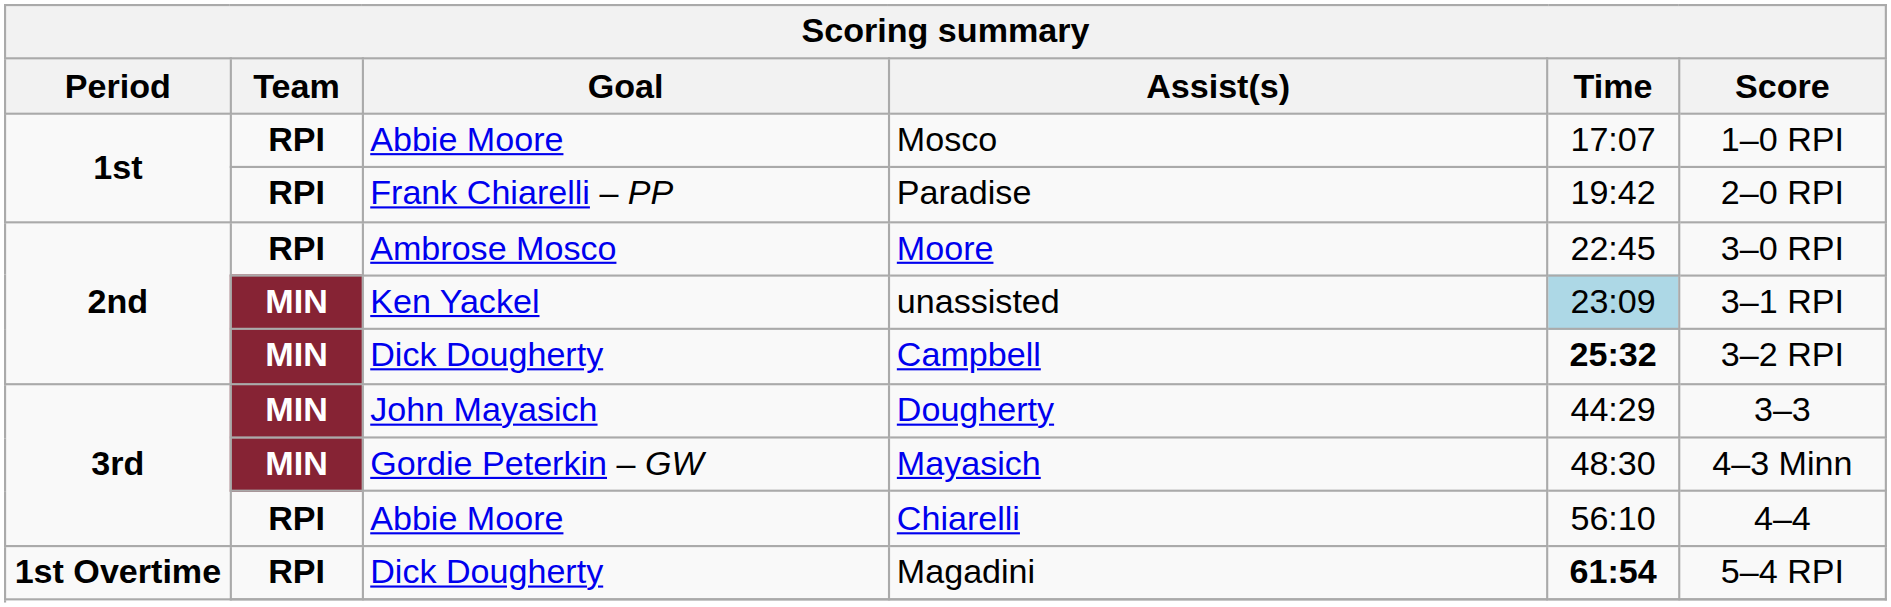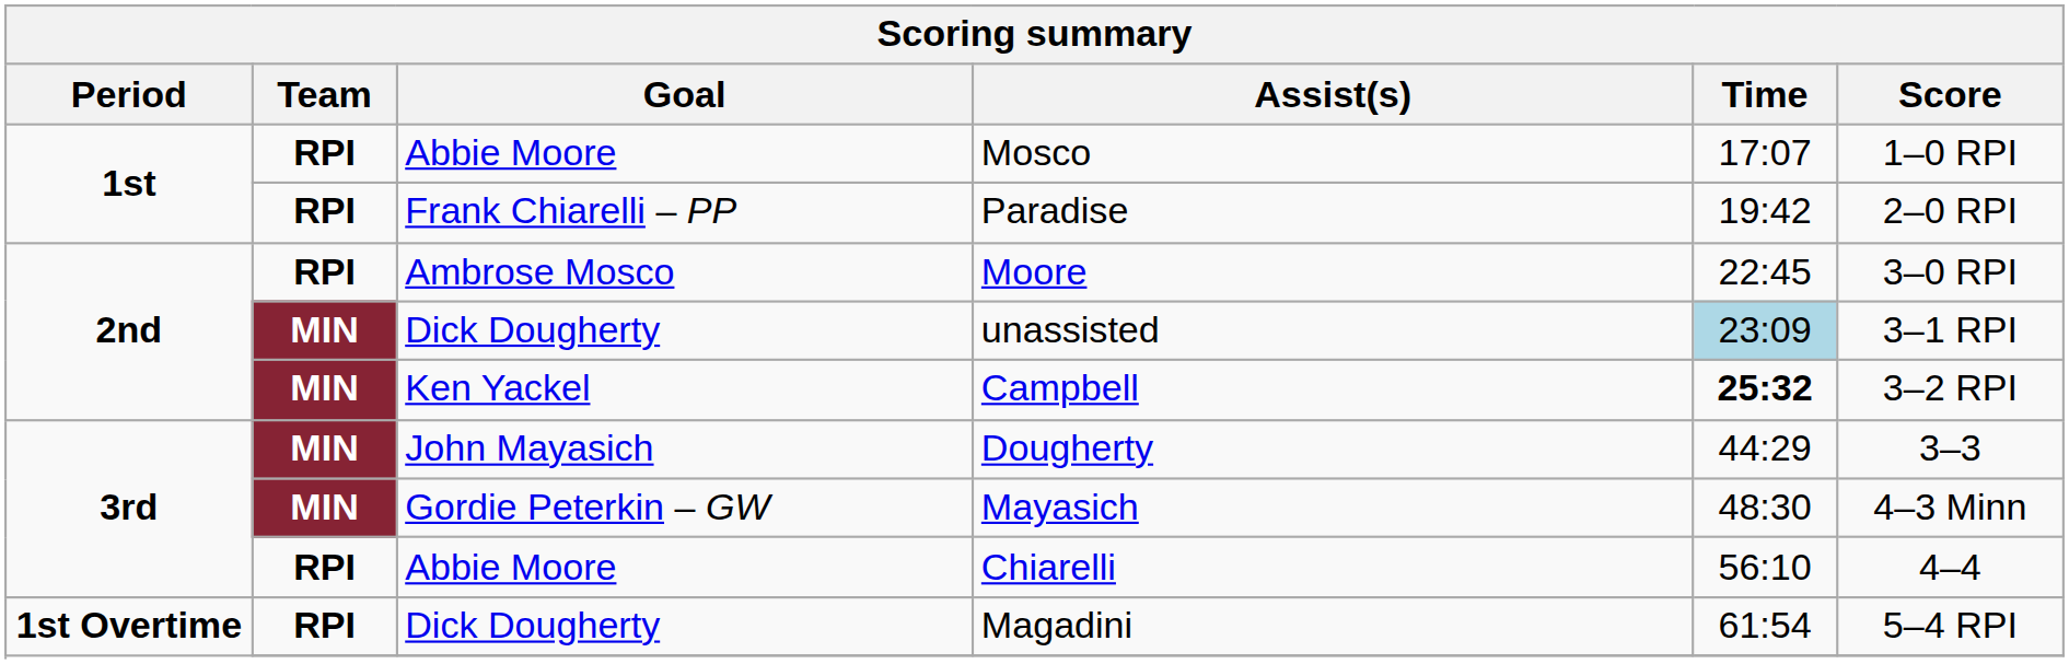 <table style="width:100%;" class="wikitable">
 <tr>
 <th colspan=6>Scoring summary</th>
 </tr>
 <tr>
 <th style="width:12%;">Period</th>
 <th style="width:7%;">Team</th>
 <th style="width:28%;">Goal</th>
 <th style="width:35%;">Assist(s)</th>
 <th style="width:7%;">Time</th>
 <th style="width:11%;">Score</th>
 </tr>
 <tr>
 <td style="text-align:center;" rowspan="2"><strong>1st</strong></td>
 <td align=center><strong>RPI</strong></td>
 <td><a href='#'>Abbie Moore</a></td>
 <td>Mosco</td>
 <td align=center>17:07</td>
 <td align=center>1–0 RPI</td>
 </tr>
 <tr>
 <td align=center><strong>RPI</strong></td>
 <td><a href='#'>Frank Chiarelli</a> – <em>PP</em></td>
 <td>Paradise</td>
 <td align=center>19:42</td>
 <td align=center>2–0 RPI</td>
 </tr>
 <tr>
 <td style="text-align:center;" rowspan="3"><strong>2nd</strong></td>
 <td align=center><strong>RPI</strong></td>
 <td><a href='#'>Ambrose Mosco</a></td>
 <td><a href='#'>Moore</a></td>
 <td align=center>22:45</td>
 <td align=center>3–0 RPI</td>
 </tr>
 <tr>
 <td align=center style="color:white; background:#862334; "><strong>MIN</strong></td>
-<td><a href='#'>Ken Yackel</a></td>
+<td><a href='#'>Dick Dougherty</a></td>
 <td>unassisted</td>
 <td align=center style="background: lightblue;">23:09</td>
 <td align=center>3–1 RPI</td>
 </tr>
 <tr>
 <td align=center style="color:white; background:#862334; "><strong>MIN</strong></td>
-<td><a href='#'>Dick Dougherty</a></td>
+<td><a href='#'>Ken Yackel</a></td>
 <td><a href='#'>Campbell</a></td>
 <td align=center><strong>25:32</strong></td>
 <td align=center>3–2 RPI</td>
 </tr>
 <tr>
 <td style="text-align:center;" rowspan="3"><strong>3rd</strong></td>
 <td align=center style="color:white; background:#862334; "><strong>MIN</strong></td>
 <td><a href='#'>John Mayasich</a></td>
 <td><a href='#'>Dougherty</a></td>
 <td align=center>44:29</td>
 <td align=center>3–3</td>
 </tr>
 <tr>
 <td align=center style="color:white; background:#862334; "><strong>MIN</strong></td>
 <td><a href='#'>Gordie Peterkin</a> – <em>GW</em></td>
 <td><a href='#'>Mayasich</a></td>
 <td align=center>48:30</td>
 <td align=center>4–3 Minn</td>
 </tr>
 <tr>
 <td align=center><strong>RPI</strong></td>
 <td><a href='#'>Abbie Moore</a></td>
 <td><a href='#'>Chiarelli</a></td>
 <td align=center>56:10</td>
 <td align=center>4–4</td>
 </tr>
 <tr>
 <td style="text-align:center;" rowspan="3"><strong>1st Overtime</strong></td>
 <td align=center><strong>RPI</strong></td>
 <td><a href='#'>Dick Dougherty</a></td>
 <td>Magadini</td>
-<td align=center><strong>61:54</strong></td>
+<td align=center>61:54</td>
 <td align=center>5–4 RPI</td>
 </tr>
 <tr>
 </tr>
 </table>
